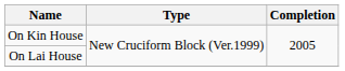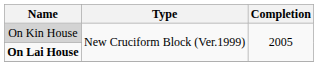 <table class="wikitable" style="text-align: center">
 <tr>
 <th>Name</th>
 <th>Type</th>
 <th>Completion</th>
 </tr>
 <tr>
-<td>On Kin House</td>
+<td style="background: lightgrey;">On Kin House</td>
 <td rowspan="2">New Cruciform Block (Ver.1999)</td>
 <td rowspan="2">2005</td>
 </tr>
 <tr>
-<td>On Lai House</td>
+<td><strong>On Lai House</strong></td>
 </tr>
 <tr>
 </tr>
 </table>
